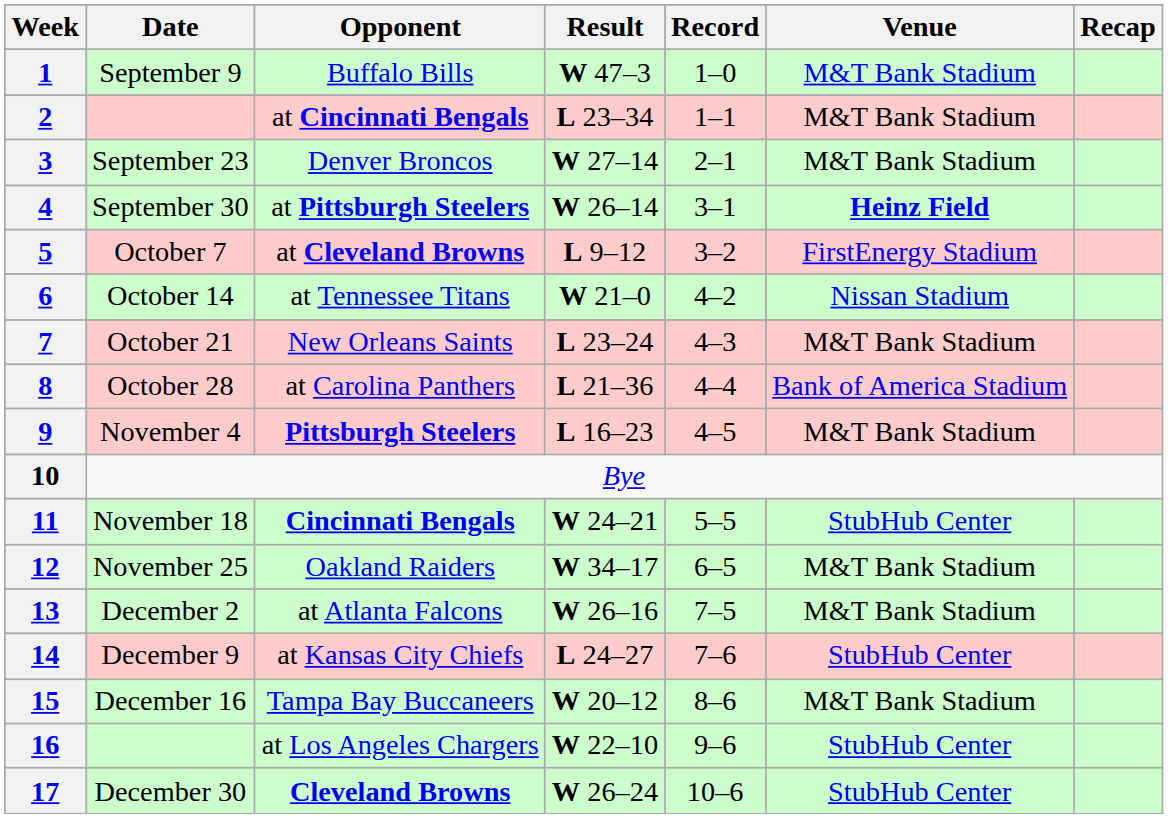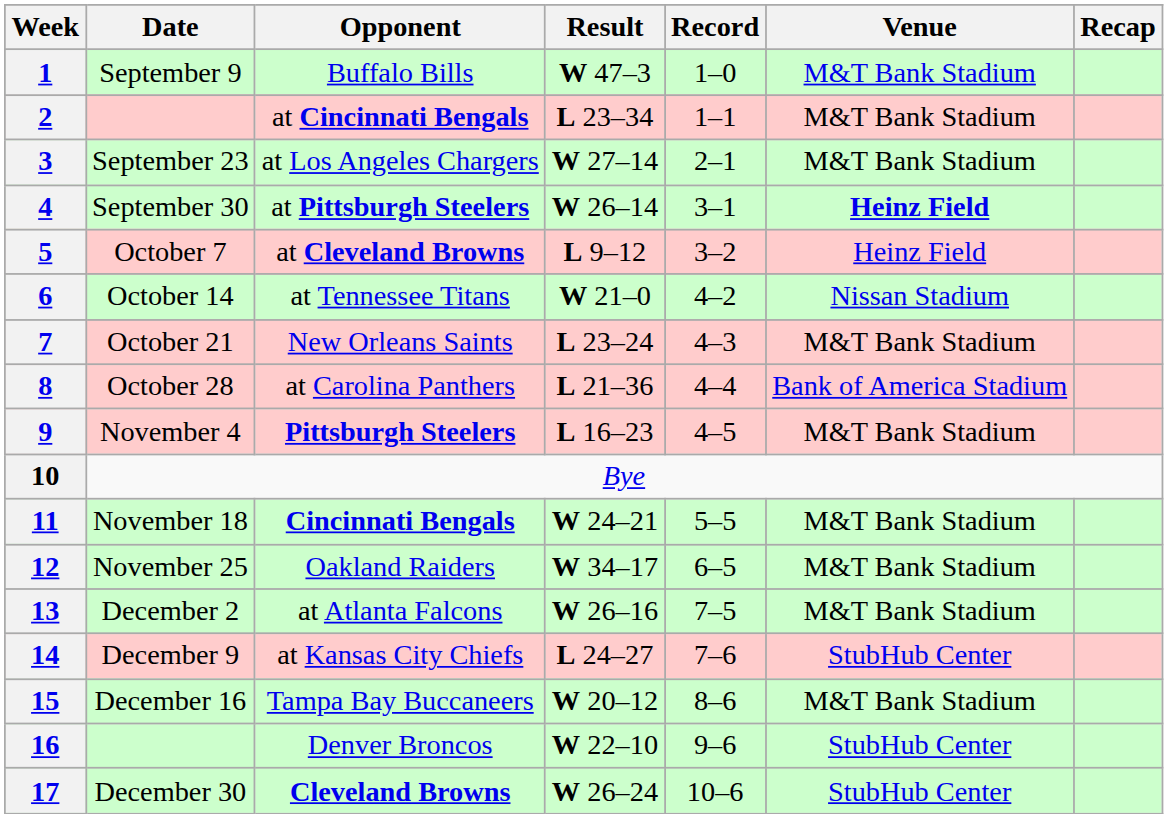 <table class="wikitable" style="text-align:center">
 <tr>
 <th>Week</th>
 <th>Date</th>
 <th>Opponent</th>
 <th>Result</th>
 <th>Record</th>
 <th>Venue</th>
 <th>Recap</th>
 </tr>
 <tr style="background:#cfc">
 <th><a href='#'>1</a></th>
 <td>September 9</td>
 <td><a href='#'>Buffalo Bills</a></td>
 <td><strong>W</strong> 47–3</td>
 <td>1–0</td>
 <td><a href='#'>M&T Bank Stadium</a></td>
 <td></td>
 </tr>
 <tr style="background:#fcc">
 <th><a href='#'>2</a></th>
 <td></td>
 <td>at <strong><a href='#'>Cincinnati Bengals</a></strong></td>
 <td><strong>L</strong> 23–34</td>
 <td>1–1</td>
 <td>M&T Bank Stadium</td>
 <td></td>
 </tr>
 <tr style="background:#cfc">
 <th><a href='#'>3</a></th>
 <td>September 23</td>
-<td><a href='#'>Denver Broncos</a></td>
+<td>at <a href='#'>Los Angeles Chargers</a></td>
 <td><strong>W</strong> 27–14</td>
 <td>2–1</td>
 <td>M&T Bank Stadium</td>
 <td></td>
 </tr>
 <tr style="background:#cfc">
 <th><a href='#'>4</a></th>
 <td>September 30</td>
 <td>at <strong><a href='#'>Pittsburgh Steelers</a></strong></td>
 <td><strong>W</strong> 26–14</td>
 <td>3–1</td>
 <td><strong><a href='#'>Heinz Field</a></strong></td>
 <td></td>
 </tr>
 <tr style="background:#fcc">
 <th><a href='#'>5</a></th>
 <td>October 7</td>
 <td>at <strong><a href='#'>Cleveland Browns</a></strong></td>
 <td><strong>L</strong> 9–12 </td>
 <td>3–2</td>
-<td><a href='#'>FirstEnergy Stadium</a></td>
+<td><a href='#'>Heinz Field</a></td>
 <td></td>
 </tr>
 <tr style="background:#cfc">
 <th><a href='#'>6</a></th>
 <td>October 14</td>
 <td>at <a href='#'>Tennessee Titans</a></td>
 <td><strong>W</strong> 21–0</td>
 <td>4–2</td>
 <td><a href='#'>Nissan Stadium</a></td>
 <td></td>
 </tr>
 <tr style="background:#fcc">
 <th><a href='#'>7</a></th>
 <td>October 21</td>
 <td><a href='#'>New Orleans Saints</a></td>
 <td><strong>L</strong> 23–24</td>
 <td>4–3</td>
 <td>M&T Bank Stadium</td>
 <td></td>
 </tr>
 <tr style="background:#fcc">
 <th><a href='#'>8</a></th>
 <td>October 28</td>
 <td>at <a href='#'>Carolina Panthers</a></td>
 <td><strong>L</strong> 21–36</td>
 <td>4–4</td>
 <td><a href='#'>Bank of America Stadium</a></td>
 <td></td>
 </tr>
 <tr style="background:#fcc">
 <th><a href='#'>9</a></th>
 <td>November 4</td>
 <td><strong><a href='#'>Pittsburgh Steelers</a></strong></td>
 <td><strong>L</strong> 16–23</td>
 <td>4–5</td>
 <td>M&T Bank Stadium</td>
 <td></td>
 </tr>
 <tr>
 <th>10</th>
 <td colspan="6"><em><a href='#'>Bye</a></em></td>
 </tr>
 <tr style="background:#cfc">
 <th><a href='#'>11</a></th>
 <td>November 18</td>
 <td><strong><a href='#'>Cincinnati Bengals</a></strong></td>
 <td><strong>W</strong> 24–21</td>
 <td>5–5</td>
-<td><a href='#'>StubHub Center</a></td>
+<td>M&T Bank Stadium</td>
 <td></td>
 </tr>
 <tr style="background:#cfc">
 <th><a href='#'>12</a></th>
 <td>November 25</td>
 <td><a href='#'>Oakland Raiders</a></td>
 <td><strong>W</strong> 34–17</td>
 <td>6–5</td>
 <td>M&T Bank Stadium</td>
 <td></td>
 </tr>
 <tr style="background:#cfc">
 <th><a href='#'>13</a></th>
 <td>December 2</td>
 <td>at <a href='#'>Atlanta Falcons</a></td>
 <td><strong>W</strong> 26–16</td>
 <td>7–5</td>
 <td>M&T Bank Stadium</td>
 <td></td>
 </tr>
 <tr style="background:#fcc">
 <th><a href='#'>14</a></th>
 <td>December 9</td>
 <td>at <a href='#'>Kansas City Chiefs</a></td>
 <td><strong>L</strong> 24–27 </td>
 <td>7–6</td>
 <td><a href='#'>StubHub Center</a></td>
 <td></td>
 </tr>
 <tr style="background:#cfc">
 <th><a href='#'>15</a></th>
 <td>December 16</td>
 <td><a href='#'>Tampa Bay Buccaneers</a></td>
 <td><strong>W</strong> 20–12</td>
 <td>8–6</td>
 <td>M&T Bank Stadium</td>
 <td></td>
 </tr>
 <tr style="background:#cfc">
 <th><a href='#'>16</a></th>
 <td></td>
-<td>at <a href='#'>Los Angeles Chargers</a></td>
+<td><a href='#'>Denver Broncos</a></td>
 <td><strong>W</strong> 22–10</td>
 <td>9–6</td>
 <td><a href='#'>StubHub Center</a></td>
 <td></td>
 </tr>
 <tr style="background:#cfc">
 <th><a href='#'>17</a></th>
 <td>December 30</td>
 <td><strong><a href='#'>Cleveland Browns</a></strong></td>
 <td><strong>W</strong> 26–24</td>
 <td>10–6</td>
 <td><a href='#'>StubHub Center</a></td>
 <td></td>
 </tr>
 </table>
